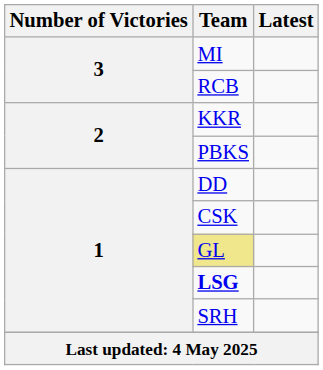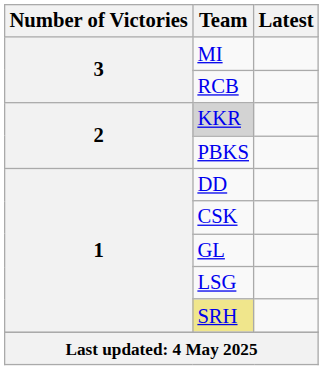 <table class="wikitable">
 <tr>
 <th>Number of Victories</th>
 <th>Team</th>
 <th>Latest</th>
 </tr>
 <tr>
 <th rowspan=2>3</th>
 <td><a href='#'>MI</a></td>
 <td></td>
 </tr>
 <tr>
 <td><a href='#'>RCB</a></td>
 <td></td>
 </tr>
 <tr>
 <th rowspan=2>2</th>
-<td><a href='#'>KKR</a></td>
+<td style="background: lightgrey;"><a href='#'>KKR</a></td>
 <td></td>
 </tr>
 <tr>
 <td><a href='#'>PBKS</a></td>
 <td></td>
 </tr>
 <tr>
 <th rowspan=5>1</th>
 <td><a href='#'>DD</a></td>
 <td></td>
 </tr>
 <tr>
 <td><a href='#'>CSK</a></td>
 <td></td>
 </tr>
 <tr>
-<td style="background: khaki;"><a href='#'>GL</a></td>
+<td><a href='#'>GL</a></td>
 <td></td>
 </tr>
 <tr>
-<td><strong><a href='#'>LSG</a></strong></td>
+<td><a href='#'>LSG</a></td>
 <td></td>
 </tr>
 <tr>
-<td><a href='#'>SRH</a></td>
+<td style="background: khaki;"><a href='#'>SRH</a></td>
 <td></td>
 </tr>
 <tr>
 </tr>
 <tr class="sortbottom">
 <th colspan="4"><small>Last updated: 4 May 2025</small></th>
 </tr>
 </table>
